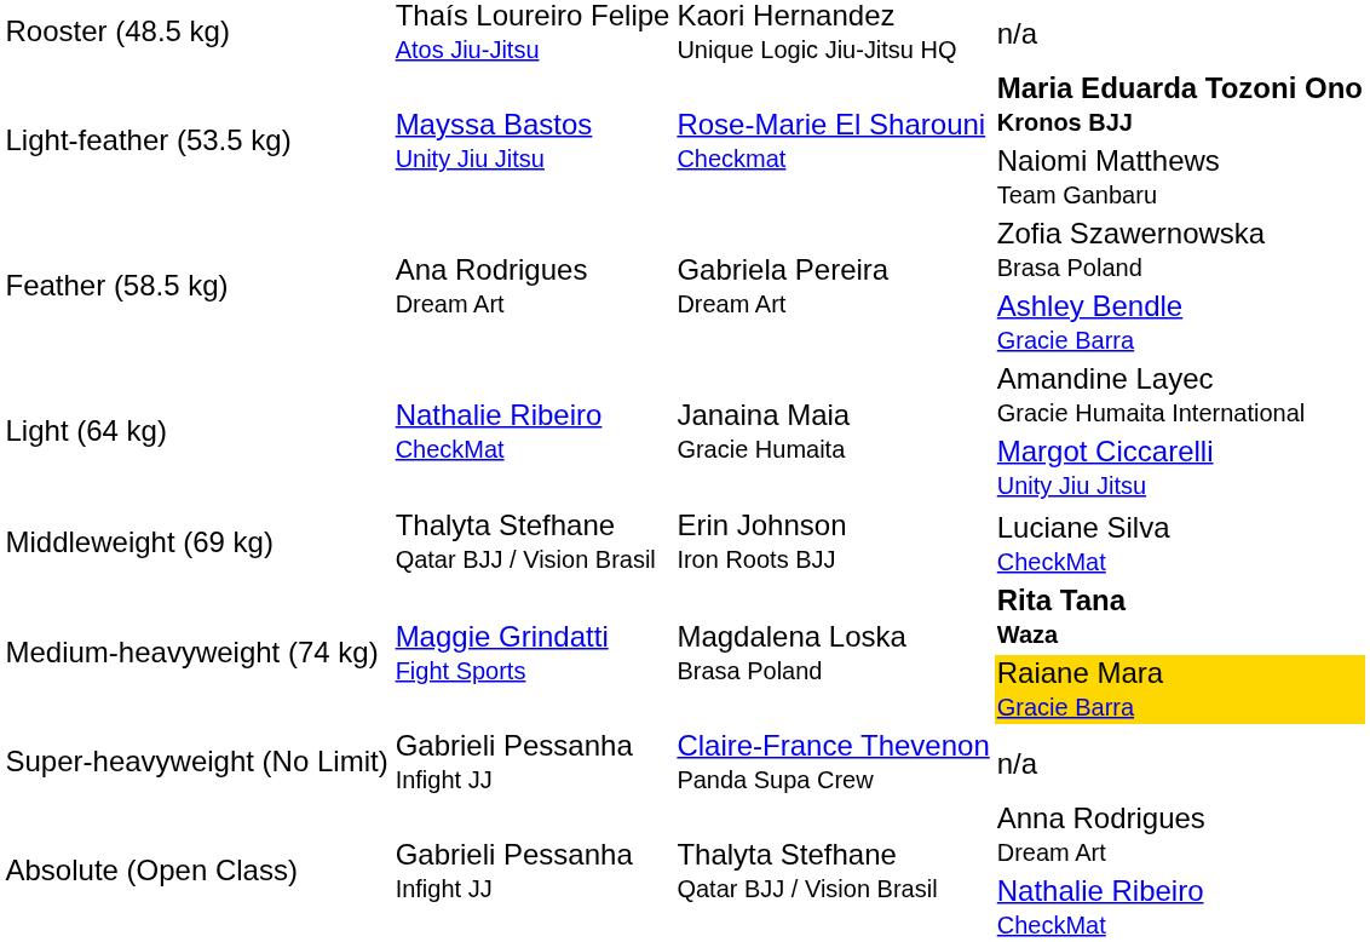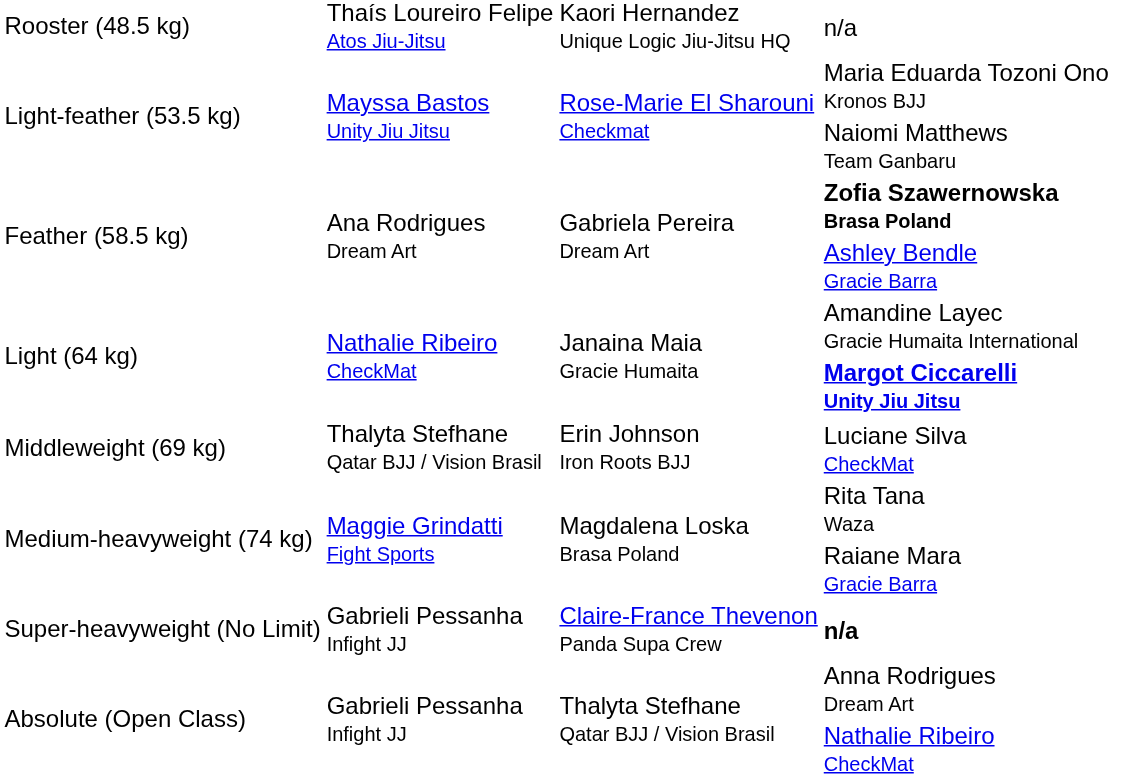 <table>
 <tr>
 <td rowspan=2>Rooster (48.5 kg)</td>
 <td rowspan=2> Thaís Loureiro Felipe<br><small><a href='#'>Atos Jiu-Jitsu</a></small></td>
 <td rowspan=2> Kaori Hernandez<br><small>Unique Logic Jiu-Jitsu HQ</small></td>
 </tr>
 <tr>
 <td>n/a</td>
 </tr>
 <tr>
 <td rowspan=2>Light-feather (53.5 kg)</td>
 <td rowspan=2> <a href='#'>Mayssa Bastos</a><br><small><a href='#'>Unity Jiu Jitsu</a></small></td>
 <td rowspan=2> <a href='#'>Rose-Marie El Sharouni</a><br><small><a href='#'>Checkmat</a></small></td>
-<td><strong> Maria Eduarda Tozoni Ono<br><small>Kronos BJJ</small></strong></td>
+<td> Maria Eduarda Tozoni Ono<br><small>Kronos BJJ</small></td>
 </tr>
 <tr>
 <td> Naiomi Matthews<br><small>Team Ganbaru</small></td>
 </tr>
 <tr>
 <td rowspan=2>Feather (58.5 kg)</td>
 <td rowspan=2> Ana Rodrigues<br><small>Dream Art</small></td>
 <td rowspan=2> Gabriela Pereira<br><small>Dream Art</small></td>
-<td> Zofia Szawernowska<br><small>Brasa Poland</small></td>
+<td><strong> Zofia Szawernowska<br><small>Brasa Poland</small></strong></td>
 </tr>
 <tr>
 <td> <a href='#'>Ashley Bendle</a><br><small><a href='#'>Gracie Barra</a></small></td>
 </tr>
 <tr>
 <td rowspan=2>Light (64 kg)</td>
 <td rowspan=2> <a href='#'>Nathalie Ribeiro</a><br><small><a href='#'>CheckMat</a></small></td>
 <td rowspan=2> Janaina Maia<br><small>Gracie Humaita</small></td>
 <td> Amandine Layec<br><small>Gracie Humaita International</small></td>
 </tr>
 <tr>
-<td> <a href='#'>Margot Ciccarelli</a><br><small><a href='#'>Unity Jiu Jitsu</a></small></td>
+<td><strong> <a href='#'>Margot Ciccarelli</a><br><small><a href='#'>Unity Jiu Jitsu</a></small></strong></td>
 </tr>
 <tr>
 <td rowspan=2>Middleweight (69 kg)</td>
 <td rowspan=2> Thalyta Stefhane<br><small>Qatar BJJ / Vision Brasil</small></td>
 <td rowspan=2> Erin Johnson<br><small>Iron Roots BJJ</small></td>
 </tr>
 <tr>
 <td> Luciane Silva<br><small><a href='#'>CheckMat</a></small></td>
 </tr>
 <tr>
 <td rowspan=2>Medium-heavyweight (74 kg)</td>
 <td rowspan=2> <a href='#'>Maggie Grindatti</a><br><small><a href='#'>Fight Sports</a></small></td>
 <td rowspan=2> Magdalena Loska<br><small>Brasa Poland</small></td>
-<td><strong> Rita Tana<br><small>Waza</small></strong></td>
+<td> Rita Tana<br><small>Waza</small></td>
 </tr>
 <tr>
-<td style="background: gold;"> Raiane Mara<br><small><a href='#'>Gracie Barra</a></small></td>
+<td> Raiane Mara<br><small><a href='#'>Gracie Barra</a></small></td>
 </tr>
 <tr>
 <td rowspan=2>Super-heavyweight (No Limit)</td>
 <td rowspan=2> Gabrieli Pessanha<br><small>Infight JJ</small></td>
 <td rowspan=2> <a href='#'>Claire-France Thevenon</a><br><small>Panda Supa Crew</small></td>
 </tr>
 <tr>
-<td>n/a</td>
+<td><strong>n/a</strong></td>
 </tr>
 <tr>
 <td rowspan=2>Absolute (Open Class)</td>
 <td rowspan=2> Gabrieli Pessanha<br><small>Infight JJ</small></td>
 <td rowspan=2> Thalyta Stefhane<br><small>Qatar BJJ / Vision Brasil</small></td>
 <td> Anna Rodrigues<br><small>Dream Art</small></td>
 </tr>
 <tr>
 <td> <a href='#'>Nathalie Ribeiro</a><br><small><a href='#'>CheckMat</a></small></td>
 </tr>
 <tr>
 </tr>
 </table>
